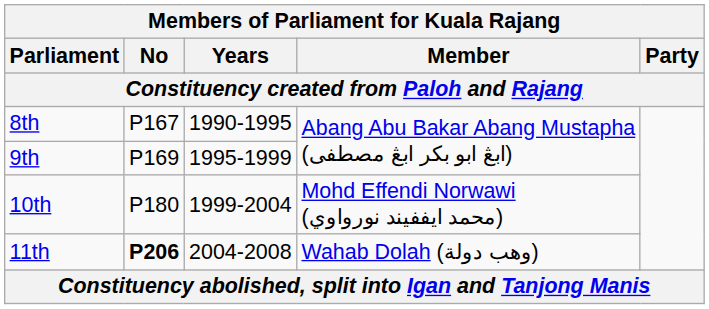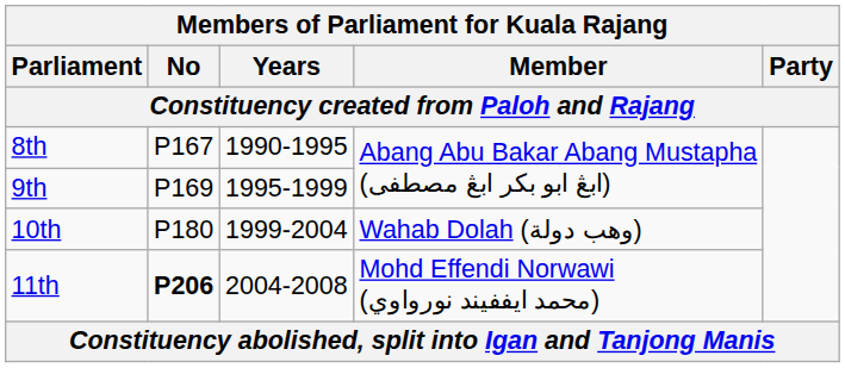 <table class=wikitable>
 <tr>
 <th colspan="5">Members of Parliament for Kuala Rajang</th>
 </tr>
 <tr>
 <th>Parliament</th>
 <th>No</th>
 <th>Years</th>
 <th>Member</th>
 <th>Party</th>
 </tr>
 <tr>
 <th colspan="5" align="center"><em>Constituency created from <a href='#'>Paloh</a> and <a href='#'>Rajang</a></em></th>
 </tr>
 <tr>
 <td><a href='#'>8th</a></td>
 <td>P167</td>
 <td>1990-1995</td>
 <td rowspan=2><a href='#'>Abang Abu Bakar Abang Mustapha</a> <br> (ابڠ ابو بكر ابڠ مصطفى)</td>
 <td rowspan=4></td>
 </tr>
 <tr>
 <td><a href='#'>9th</a></td>
 <td>P169</td>
 <td>1995-1999</td>
 </tr>
 <tr>
 <td><a href='#'>10th</a></td>
 <td>P180</td>
 <td>1999-2004</td>
-<td><a href='#'>Mohd Effendi Norwawi</a> <br> (محمد ايففيند نورواوي)</td>
+<td><a href='#'>Wahab Dolah</a> (وهب دولة‎)</td>
 </tr>
 <tr>
 <td><a href='#'>11th</a></td>
 <td><strong>P206</strong></td>
 <td>2004-2008</td>
-<td><a href='#'>Wahab Dolah</a> (وهب دولة‎)</td>
+<td><a href='#'>Mohd Effendi Norwawi</a> <br> (محمد ايففيند نورواوي)</td>
 </tr>
 <tr>
 <th colspan="5" align="center"><em>Constituency abolished, split into <a href='#'>Igan</a> and <a href='#'>Tanjong Manis</a></em></th>
 </tr>
 </table>
